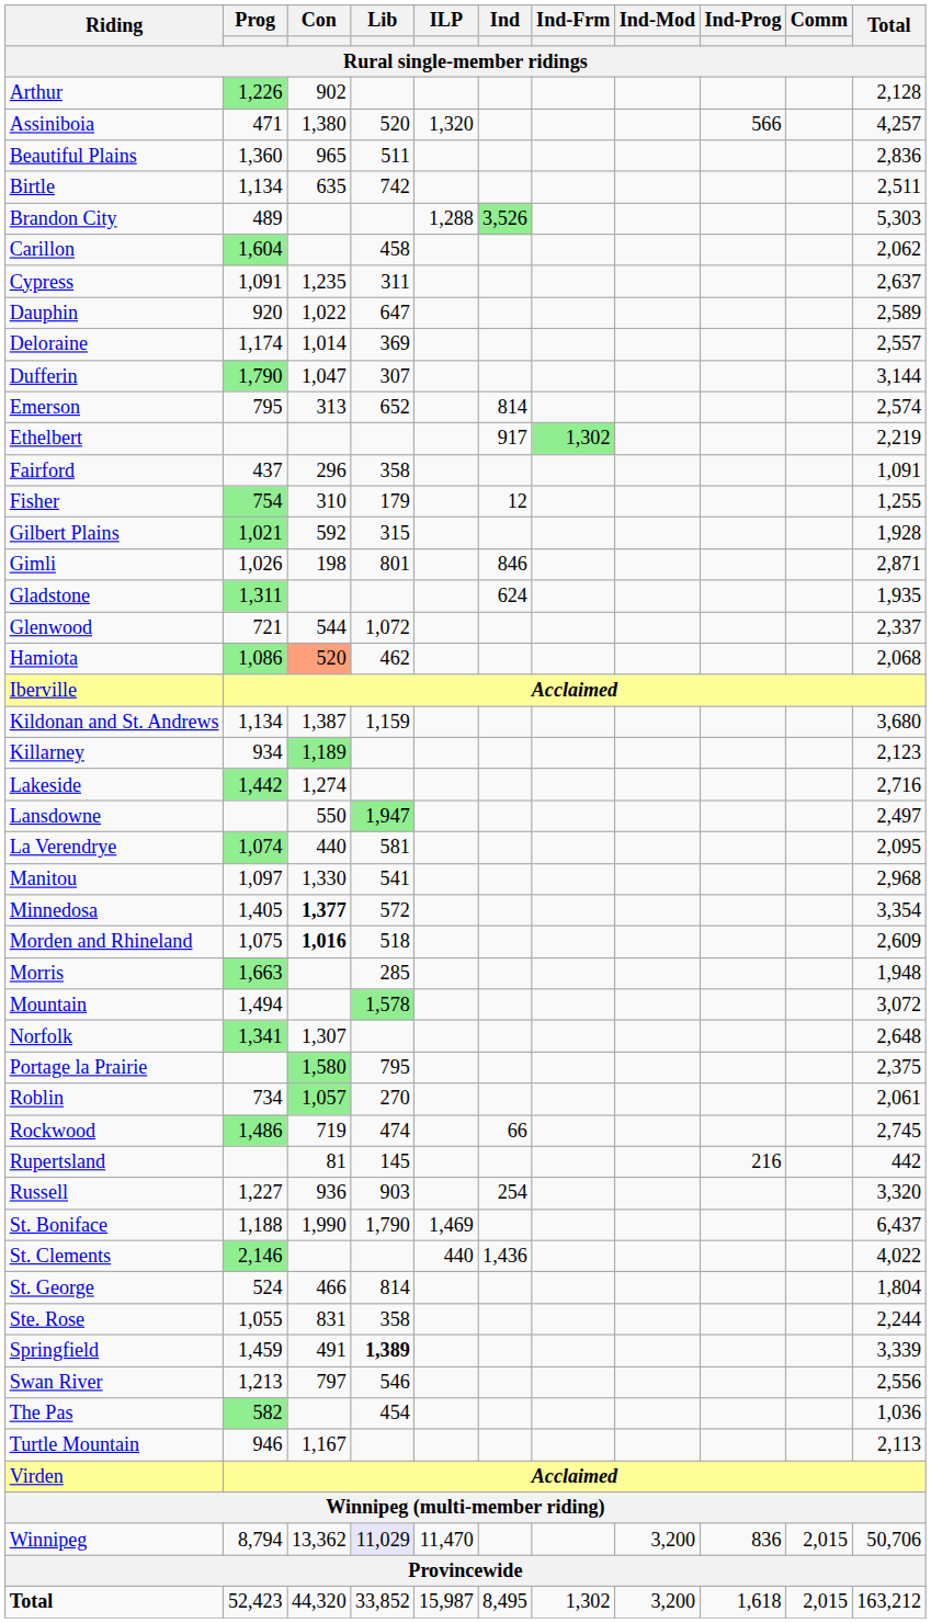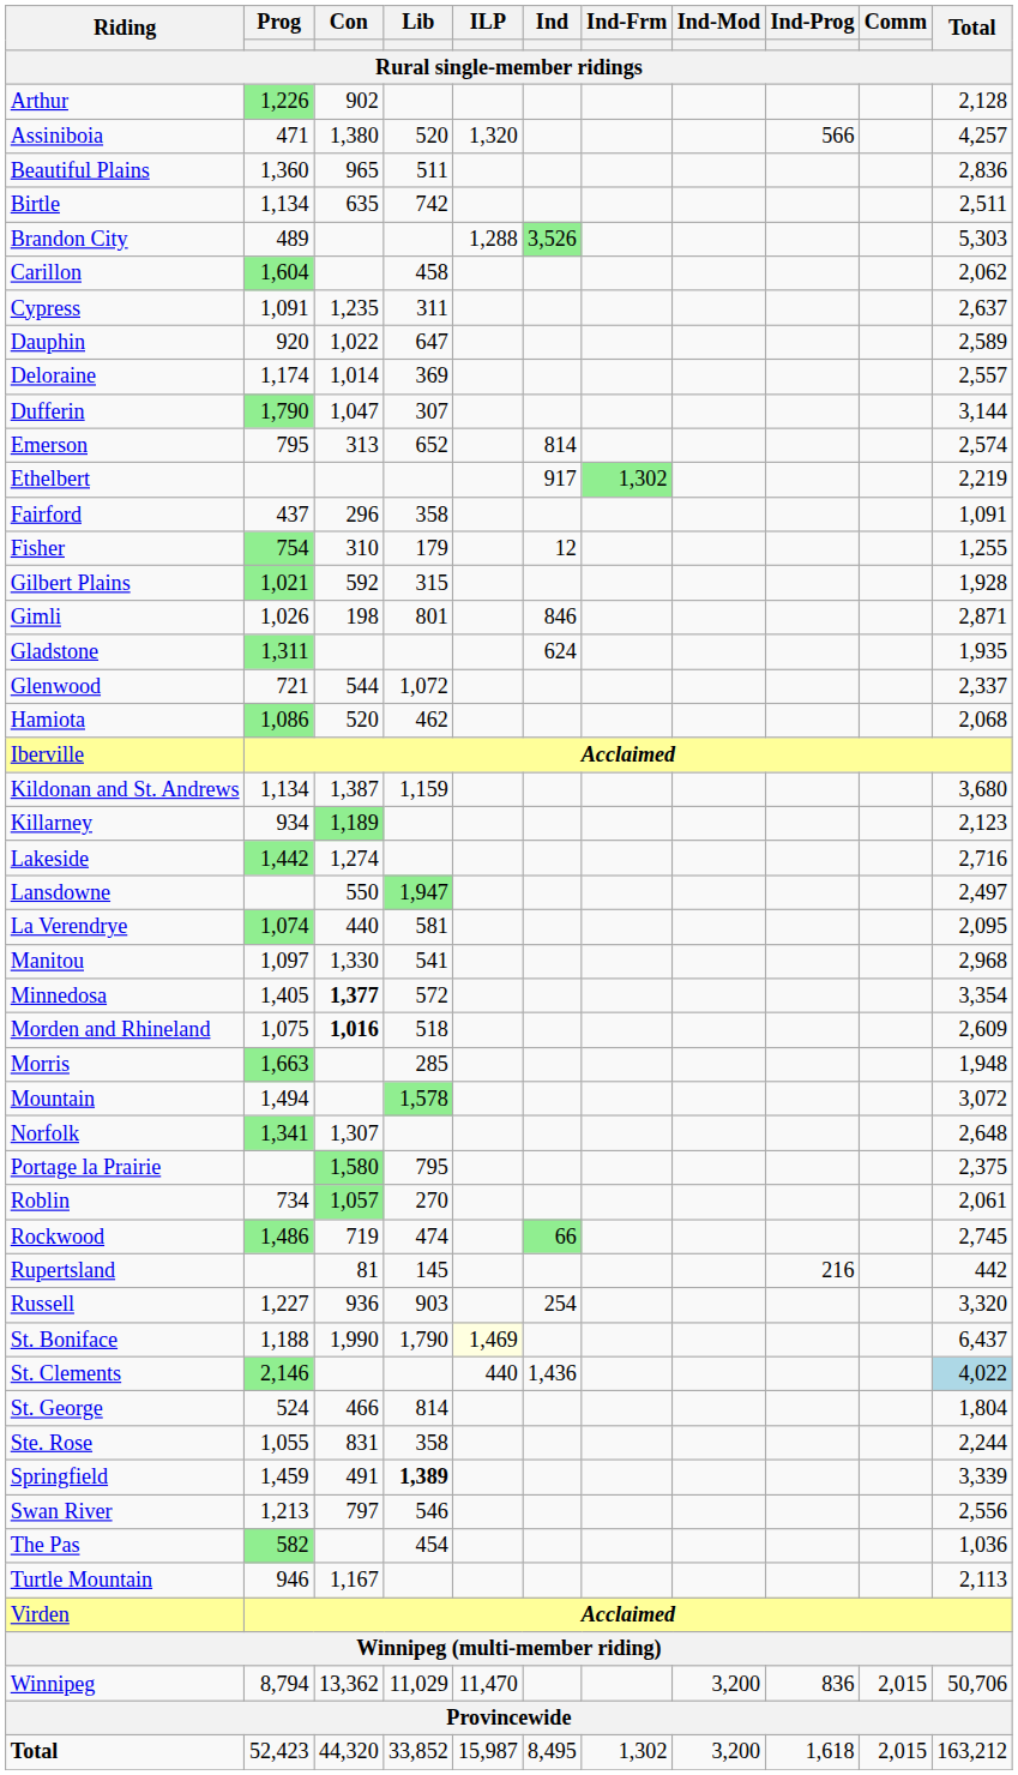 <table class="wikitable" style="text-align:right;">
 <tr>
 <th rowspan="2">Riding</th>
 <th>Prog</th>
 <th>Con</th>
 <th>Lib</th>
 <th>ILP</th>
 <th>Ind</th>
 <th>Ind-Frm</th>
 <th>Ind-Mod</th>
 <th>Ind-Prog</th>
 <th>Comm</th>
 <th rowspan="2">Total</th>
 </tr>
 <tr>
 <th style="background:"></th>
 <th style="background:"></th>
 <th style="background:"></th>
 <th style="background:"></th>
 <th style="background:"></th>
 <th style="background:"></th>
 <th style="background:"></th>
 <th style="background:"></th>
 <th style="background:"></th>
 </tr>
 <tr>
 <th colspan="11">Rural single-member ridings</th>
 </tr>
 <tr>
 <td style="text-align:left;"><a href='#'>Arthur</a></td>
 <td style="background-color:lightgreen;">1,226</td>
 <td>902</td>
 <td></td>
 <td></td>
 <td></td>
 <td></td>
 <td></td>
 <td></td>
 <td></td>
 <td>2,128</td>
 </tr>
 <tr>
 <td style="text-align:left;"><a href='#'>Assiniboia</a></td>
 <td>471</td>
 <td>1,380</td>
 <td>520</td>
 <td>1,320</td>
 <td></td>
 <td></td>
 <td></td>
 <td>566</td>
 <td></td>
 <td>4,257</td>
 </tr>
 <tr>
 <td style="text-align:left;"><a href='#'>Beautiful Plains</a></td>
 <td>1,360</td>
 <td>965</td>
 <td>511</td>
 <td></td>
 <td></td>
 <td></td>
 <td></td>
 <td></td>
 <td></td>
 <td>2,836</td>
 </tr>
 <tr>
 <td style="text-align:left;"><a href='#'>Birtle</a></td>
 <td>1,134</td>
 <td>635</td>
 <td>742</td>
 <td></td>
 <td></td>
 <td></td>
 <td></td>
 <td></td>
 <td></td>
 <td>2,511</td>
 </tr>
 <tr>
 <td style="text-align:left;"><a href='#'>Brandon City</a></td>
 <td>489</td>
 <td></td>
 <td></td>
 <td>1,288</td>
 <td style="background-color:lightgreen;">3,526</td>
 <td></td>
 <td></td>
 <td></td>
 <td></td>
 <td>5,303</td>
 </tr>
 <tr>
 <td style="text-align:left;"><a href='#'>Carillon</a></td>
 <td style="background-color:lightgreen;">1,604</td>
 <td></td>
 <td>458</td>
 <td></td>
 <td></td>
 <td></td>
 <td></td>
 <td></td>
 <td></td>
 <td>2,062</td>
 </tr>
 <tr>
 <td style="text-align:left;"><a href='#'>Cypress</a></td>
 <td>1,091</td>
 <td>1,235</td>
 <td>311</td>
 <td></td>
 <td></td>
 <td></td>
 <td></td>
 <td></td>
 <td></td>
 <td>2,637</td>
 </tr>
 <tr>
 <td style="text-align:left;"><a href='#'>Dauphin</a></td>
 <td>920</td>
 <td>1,022</td>
 <td>647</td>
 <td></td>
 <td></td>
 <td></td>
 <td></td>
 <td></td>
 <td></td>
 <td>2,589</td>
 </tr>
 <tr>
 <td style="text-align:left;"><a href='#'>Deloraine</a></td>
 <td>1,174</td>
 <td>1,014</td>
 <td>369</td>
 <td></td>
 <td></td>
 <td></td>
 <td></td>
 <td></td>
 <td></td>
 <td>2,557</td>
 </tr>
 <tr>
 <td style="text-align:left;"><a href='#'>Dufferin</a></td>
 <td style="background-color:lightgreen;">1,790</td>
 <td>1,047</td>
 <td>307</td>
 <td></td>
 <td></td>
 <td></td>
 <td></td>
 <td></td>
 <td></td>
 <td>3,144</td>
 </tr>
 <tr>
 <td style="text-align:left;"><a href='#'>Emerson</a></td>
 <td>795</td>
 <td>313</td>
 <td>652</td>
 <td></td>
 <td>814</td>
 <td></td>
 <td></td>
 <td></td>
 <td></td>
 <td>2,574</td>
 </tr>
 <tr>
 <td style="text-align:left;"><a href='#'>Ethelbert</a></td>
 <td></td>
 <td></td>
 <td></td>
 <td></td>
 <td>917</td>
 <td style="background-color:lightgreen;">1,302</td>
 <td></td>
 <td></td>
 <td></td>
 <td>2,219</td>
 </tr>
 <tr>
 <td style="text-align:left;"><a href='#'>Fairford</a></td>
 <td>437</td>
 <td>296</td>
 <td>358</td>
 <td></td>
 <td></td>
 <td></td>
 <td></td>
 <td></td>
 <td></td>
 <td>1,091</td>
 </tr>
 <tr>
 <td style="text-align:left;"><a href='#'>Fisher</a></td>
 <td style="background-color:lightgreen;">754</td>
 <td>310</td>
 <td>179</td>
 <td></td>
 <td>12</td>
 <td></td>
 <td></td>
 <td></td>
 <td></td>
 <td>1,255</td>
 </tr>
 <tr>
 <td style="text-align:left;"><a href='#'>Gilbert Plains</a></td>
 <td style="background-color:lightgreen;">1,021</td>
 <td>592</td>
 <td>315</td>
 <td></td>
 <td></td>
 <td></td>
 <td></td>
 <td></td>
 <td></td>
 <td>1,928</td>
 </tr>
 <tr>
 <td style="text-align:left;"><a href='#'>Gimli</a></td>
 <td>1,026</td>
 <td>198</td>
 <td>801</td>
 <td></td>
 <td>846</td>
 <td></td>
 <td></td>
 <td></td>
 <td></td>
 <td>2,871</td>
 </tr>
 <tr>
 <td style="text-align:left;"><a href='#'>Gladstone</a></td>
 <td style="background-color:lightgreen;">1,311</td>
 <td></td>
 <td></td>
 <td></td>
 <td>624</td>
 <td></td>
 <td></td>
 <td></td>
 <td></td>
 <td>1,935</td>
 </tr>
 <tr>
 <td style="text-align:left;"><a href='#'>Glenwood</a></td>
 <td>721</td>
 <td>544</td>
 <td>1,072</td>
 <td></td>
 <td></td>
 <td></td>
 <td></td>
 <td></td>
 <td></td>
 <td>2,337</td>
 </tr>
 <tr>
 <td style="text-align:left;"><a href='#'>Hamiota</a></td>
 <td style="background-color:lightgreen;">1,086</td>
-<td style="background: lightsalmon;">520</td>
+<td>520</td>
 <td>462</td>
 <td></td>
 <td></td>
 <td></td>
 <td></td>
 <td></td>
 <td></td>
 <td>2,068</td>
 </tr>
 <tr style="background-color:#FFFF99;">
 <td style="text-align:left;"><a href='#'>Iberville</a></td>
 <td colspan="10"  style="text-align:center;"><strong><em>Acclaimed</em></strong></td>
 </tr>
 <tr>
 <td style="text-align:left;"><a href='#'>Kildonan and St. Andrews</a></td>
 <td>1,134</td>
 <td>1,387</td>
 <td>1,159</td>
 <td></td>
 <td></td>
 <td></td>
 <td></td>
 <td></td>
 <td></td>
 <td>3,680</td>
 </tr>
 <tr>
 <td style="text-align:left;"><a href='#'>Killarney</a></td>
 <td>934</td>
 <td style="background-color:lightgreen;">1,189</td>
 <td></td>
 <td></td>
 <td></td>
 <td></td>
 <td></td>
 <td></td>
 <td></td>
 <td>2,123</td>
 </tr>
 <tr>
 <td style="text-align:left;"><a href='#'>Lakeside</a></td>
 <td style="background-color:lightgreen;">1,442</td>
 <td>1,274</td>
 <td></td>
 <td></td>
 <td></td>
 <td></td>
 <td></td>
 <td></td>
 <td></td>
 <td>2,716</td>
 </tr>
 <tr>
 <td style="text-align:left;"><a href='#'>Lansdowne</a></td>
 <td></td>
 <td>550</td>
 <td style="background-color:lightgreen;">1,947</td>
 <td></td>
 <td></td>
 <td></td>
 <td></td>
 <td></td>
 <td></td>
 <td>2,497</td>
 </tr>
 <tr>
 <td style="text-align:left;"><a href='#'>La Verendrye</a></td>
 <td style="background-color:lightgreen;">1,074</td>
 <td>440</td>
 <td>581</td>
 <td></td>
 <td></td>
 <td></td>
 <td></td>
 <td></td>
 <td></td>
 <td>2,095</td>
 </tr>
 <tr>
 <td style="text-align:left;"><a href='#'>Manitou</a></td>
 <td>1,097</td>
 <td>1,330</td>
 <td>541</td>
 <td></td>
 <td></td>
 <td></td>
 <td></td>
 <td></td>
 <td></td>
 <td>2,968</td>
 </tr>
 <tr>
 <td style="text-align:left;"><a href='#'>Minnedosa</a></td>
 <td>1,405</td>
 <td><strong>1,377</strong></td>
 <td>572</td>
 <td></td>
 <td></td>
 <td></td>
 <td></td>
 <td></td>
 <td></td>
 <td>3,354</td>
 </tr>
 <tr>
 <td style="text-align:left;"><a href='#'>Morden and Rhineland</a></td>
 <td>1,075</td>
 <td><strong>1,016</strong></td>
 <td>518</td>
 <td></td>
 <td></td>
 <td></td>
 <td></td>
 <td></td>
 <td></td>
 <td>2,609</td>
 </tr>
 <tr>
 <td style="text-align:left;"><a href='#'>Morris</a></td>
 <td style="background-color:lightgreen;">1,663</td>
 <td></td>
 <td>285</td>
 <td></td>
 <td></td>
 <td></td>
 <td></td>
 <td></td>
 <td></td>
 <td>1,948</td>
 </tr>
 <tr>
 <td style="text-align:left;"><a href='#'>Mountain</a></td>
 <td>1,494</td>
 <td></td>
 <td style="background-color:lightgreen;">1,578</td>
 <td></td>
 <td></td>
 <td></td>
 <td></td>
 <td></td>
 <td></td>
 <td>3,072</td>
 </tr>
 <tr>
 <td style="text-align:left;"><a href='#'>Norfolk</a></td>
 <td style="background-color:lightgreen;">1,341</td>
 <td>1,307</td>
 <td></td>
 <td></td>
 <td></td>
 <td></td>
 <td></td>
 <td></td>
 <td></td>
 <td>2,648</td>
 </tr>
 <tr>
 <td style="text-align:left;"><a href='#'>Portage la Prairie</a></td>
 <td></td>
 <td style="background-color:lightgreen;">1,580</td>
 <td>795</td>
 <td></td>
 <td></td>
 <td></td>
 <td></td>
 <td></td>
 <td></td>
 <td>2,375</td>
 </tr>
 <tr>
 <td style="text-align:left;"><a href='#'>Roblin</a></td>
 <td>734</td>
 <td style="background-color:lightgreen;">1,057</td>
 <td>270</td>
 <td></td>
 <td></td>
 <td></td>
 <td></td>
 <td></td>
 <td></td>
 <td>2,061</td>
 </tr>
 <tr>
 <td style="text-align:left;"><a href='#'>Rockwood</a></td>
 <td style="background-color:lightgreen;">1,486</td>
 <td>719</td>
 <td>474</td>
 <td></td>
-<td>66</td>
+<td style="background: lightgreen;">66</td>
 <td></td>
 <td></td>
 <td></td>
 <td></td>
 <td>2,745</td>
 </tr>
 <tr>
 <td style="text-align:left;"><a href='#'>Rupertsland</a></td>
 <td></td>
 <td>81</td>
 <td>145</td>
 <td></td>
 <td></td>
 <td></td>
 <td></td>
 <td>216</td>
 <td></td>
 <td>442</td>
 </tr>
 <tr>
 <td style="text-align:left;"><a href='#'>Russell</a></td>
 <td>1,227</td>
 <td>936</td>
 <td>903</td>
 <td></td>
 <td>254</td>
 <td></td>
 <td></td>
 <td></td>
 <td></td>
 <td>3,320</td>
 </tr>
 <tr>
 <td style="text-align:left;"><a href='#'>St. Boniface</a></td>
 <td>1,188</td>
 <td>1,990</td>
 <td>1,790</td>
-<td>1,469</td>
+<td style="background: lightyellow;">1,469</td>
 <td></td>
 <td></td>
 <td></td>
 <td></td>
 <td></td>
 <td>6,437</td>
 </tr>
 <tr>
 <td style="text-align:left;"><a href='#'>St. Clements</a></td>
 <td style="background-color:lightgreen;">2,146</td>
 <td></td>
 <td></td>
 <td>440</td>
 <td>1,436</td>
 <td></td>
 <td></td>
 <td></td>
 <td></td>
-<td>4,022</td>
+<td style="background: lightblue;">4,022</td>
 </tr>
 <tr>
 <td style="text-align:left;"><a href='#'>St. George</a></td>
 <td>524</td>
 <td>466</td>
 <td>814</td>
 <td></td>
 <td></td>
 <td></td>
 <td></td>
 <td></td>
 <td></td>
 <td>1,804</td>
 </tr>
 <tr>
 <td style="text-align:left;"><a href='#'>Ste. Rose</a></td>
 <td>1,055</td>
 <td>831</td>
 <td>358</td>
 <td></td>
 <td></td>
 <td></td>
 <td></td>
 <td></td>
 <td></td>
 <td>2,244</td>
 </tr>
 <tr>
 <td style="text-align:left;"><a href='#'>Springfield</a></td>
 <td>1,459</td>
 <td>491</td>
 <td><strong>1,389</strong></td>
 <td></td>
 <td></td>
 <td></td>
 <td></td>
 <td></td>
 <td></td>
 <td>3,339</td>
 </tr>
 <tr>
 <td style="text-align:left;"><a href='#'>Swan River</a></td>
 <td>1,213</td>
 <td>797</td>
 <td>546</td>
 <td></td>
 <td></td>
 <td></td>
 <td></td>
 <td></td>
 <td></td>
 <td>2,556</td>
 </tr>
 <tr>
 <td style="text-align:left;"><a href='#'>The Pas</a></td>
 <td style="background-color:lightgreen;">582</td>
 <td></td>
 <td>454</td>
 <td></td>
 <td></td>
 <td></td>
 <td></td>
 <td></td>
 <td></td>
 <td>1,036</td>
 </tr>
 <tr>
 <td style="text-align:left;"><a href='#'>Turtle Mountain</a></td>
 <td>946</td>
 <td>1,167</td>
 <td></td>
 <td></td>
 <td></td>
 <td></td>
 <td></td>
 <td></td>
 <td></td>
 <td>2,113</td>
 </tr>
 <tr style="background-color:#FFFF99;">
 <td style="text-align:left;"><a href='#'>Virden</a></td>
 <td colspan="10"  style="text-align:center;"><strong><em>Acclaimed</em></strong></td>
 </tr>
 <tr>
 <th colspan="11">Winnipeg (multi-member riding)</th>
 </tr>
 <tr>
 <td style="text-align:left;"><a href='#'>Winnipeg</a></td>
 <td>8,794</td>
 <td>13,362</td>
-<td style="background: lavender;">11,029</td>
+<td>11,029</td>
 <td>11,470</td>
 <td></td>
 <td></td>
 <td>3,200</td>
 <td>836</td>
 <td>2,015</td>
 <td>50,706</td>
 </tr>
 <tr>
 <th colspan="16">Provincewide</th>
 </tr>
 <tr>
 <td style="text-align:left;"><strong>Total</strong></td>
 <td>52,423</td>
 <td>44,320</td>
 <td>33,852</td>
 <td>15,987</td>
 <td>8,495</td>
 <td>1,302</td>
 <td>3,200</td>
 <td>1,618</td>
 <td>2,015</td>
 <td>163,212</td>
 </tr>
 </table>
